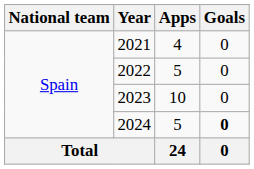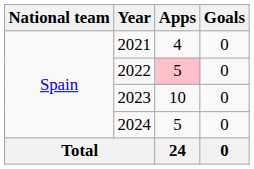 <table class="wikitable" style="text-align:center">
 <tr>
 <th>National team</th>
 <th>Year</th>
 <th>Apps</th>
 <th>Goals</th>
 </tr>
 <tr>
 <td rowspan="4"><a href='#'>Spain</a></td>
 <td>2021</td>
 <td>4</td>
 <td>0</td>
 </tr>
 <tr>
 <td>2022</td>
-<td>5</td>
+<td style="background: pink;">5</td>
 <td>0</td>
 </tr>
 <tr>
 <td>2023</td>
 <td>10</td>
 <td>0</td>
 </tr>
 <tr>
 <td>2024</td>
 <td>5</td>
-<td><strong>0</strong></td>
+<td>0</td>
 </tr>
 <tr>
 <th colspan="2">Total</th>
 <th>24</th>
 <th>0</th>
 </tr>
 </table>
